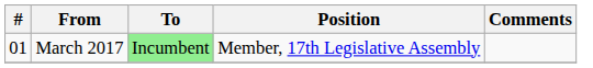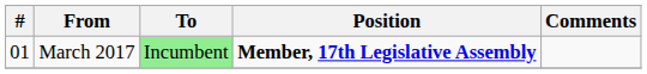 <table class="wikitable sortable">
 <tr>
 <th>#</th>
 <th>From</th>
 <th>To</th>
 <th>Position</th>
 <th>Comments</th>
 </tr>
 <tr>
 <td>01</td>
 <td>March 2017</td>
 <td style="background: lightgreen;">Incumbent</td>
-<td>Member, <a href='#'>17th Legislative Assembly</a></td>
+<td><strong>Member, <a href='#'>17th Legislative Assembly</a></strong></td>
 <td></td>
 </tr>
 <tr>
 </tr>
 </table>
